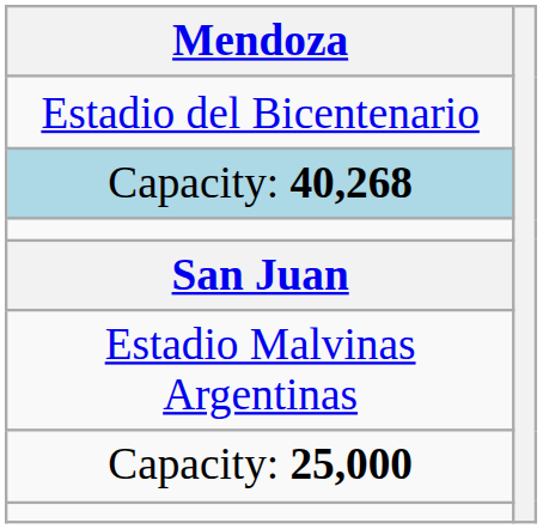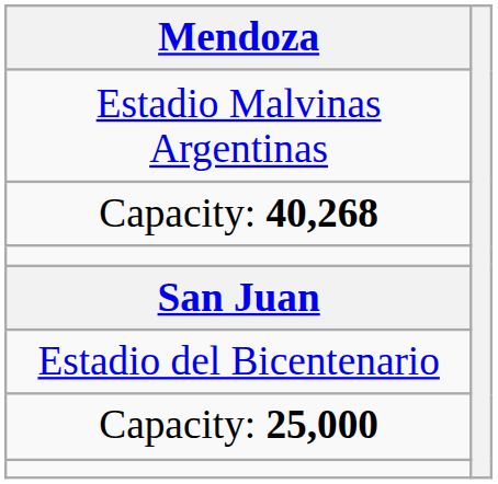 <table class=wikitable style="text-align:center">
 <tr>
 <th width=175><a href='#'>Mendoza</a></th>
 <th rowspan=8><br></th>
 </tr>
 <tr>
-<td><a href='#'>Estadio del Bicentenario</a></td>
+<td><a href='#'>Estadio Malvinas Argentinas</a></td>
 </tr>
 <tr>
-<td style="background: lightblue;">Capacity: <strong>40,268</strong></td>
+<td>Capacity: <strong>40,268</strong></td>
 </tr>
 <tr>
 <td></td>
 </tr>
 <tr>
 <th><a href='#'>San Juan</a></th>
 </tr>
 <tr>
-<td><a href='#'>Estadio Malvinas Argentinas</a></td>
+<td><a href='#'>Estadio del Bicentenario</a></td>
 </tr>
 <tr>
 <td>Capacity: <strong>25,000</strong></td>
 </tr>
 <tr>
 <td></td>
 </tr>
 </table>
